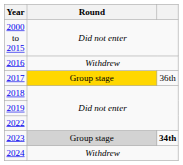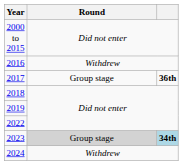 <table class="wikitable" style="text-align: center; font-size:90%">
 <tr>
 <th>Year</th>
 <th style="width:200px">Round</th>
 <th></th>
 </tr>
 <tr>
 <td><a href='#'>2000</a><br>to<br><a href='#'>2015</a></td>
 <td colspan="2"><em>Did not enter</em></td>
 </tr>
 <tr>
 <td><a href='#'>2016</a></td>
 <td colspan="2"><em>Withdrew</em></td>
 </tr>
 <tr>
 <td><a href='#'>2017</a></td>
-<td style="background: gold;">Group stage</td>
-<td>36th</td>
+<td>Group stage</td>
+<td><strong>36th</strong></td>
 </tr>
 <tr>
 <td><a href='#'>2018</a></td>
 <td colspan="2" rowspan="3"><em>Did not enter</em></td>
 </tr>
 <tr>
 <td><a href='#'>2019</a></td>
 </tr>
 <tr>
 <td><a href='#'>2022</a></td>
 </tr>
 <tr>
 <td><a href='#'>2023</a></td>
 <td style="background: lightgrey;">Group stage</td>
-<td><strong>34th</strong></td>
+<td style="background: lightblue;"><strong>34th</strong></td>
 </tr>
 <tr>
 <td><a href='#'>2024</a></td>
 <td colspan="2"><em>Withdrew</em></td>
 </tr>
 </table>
